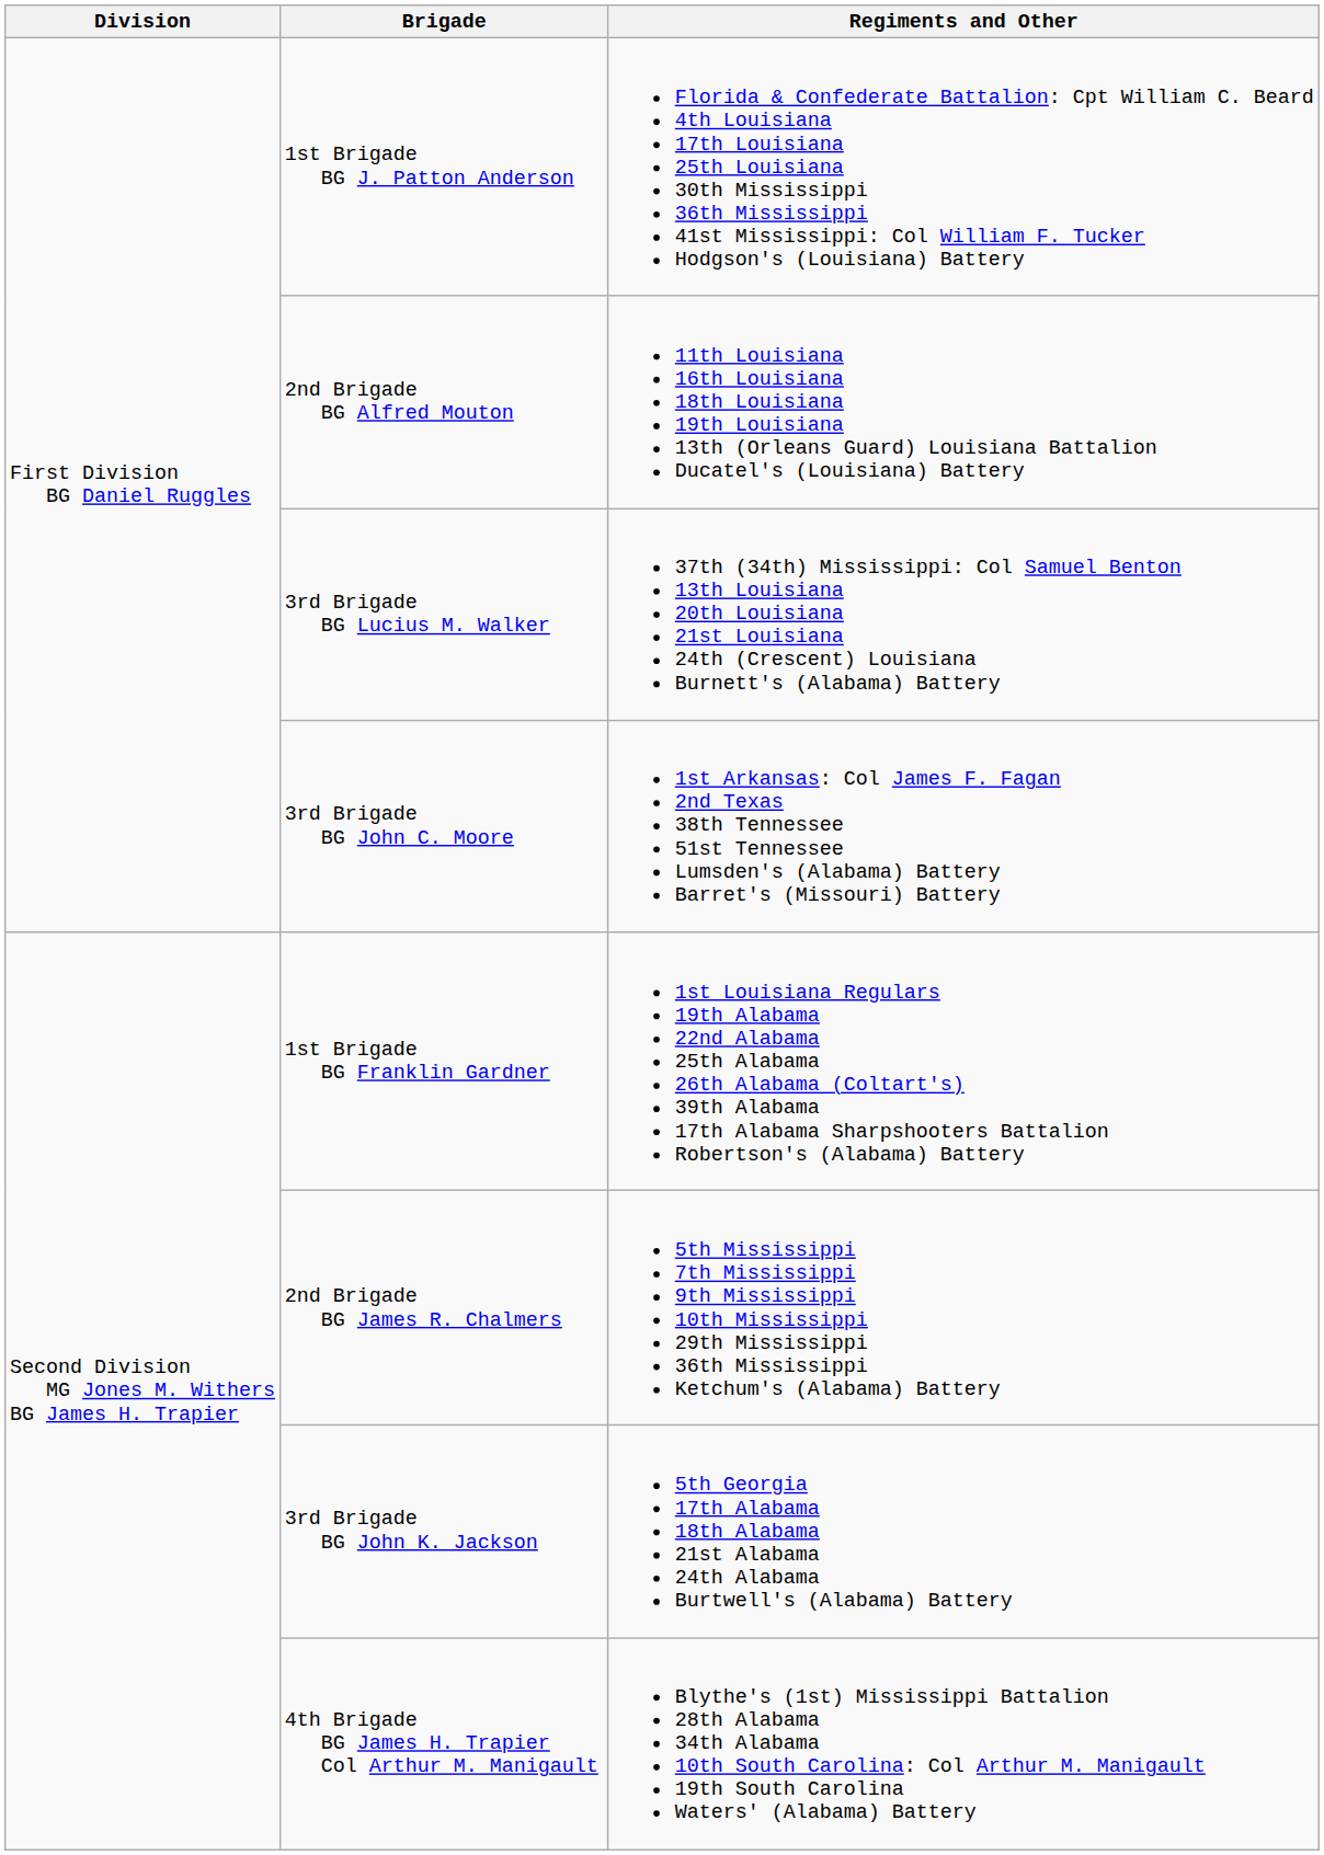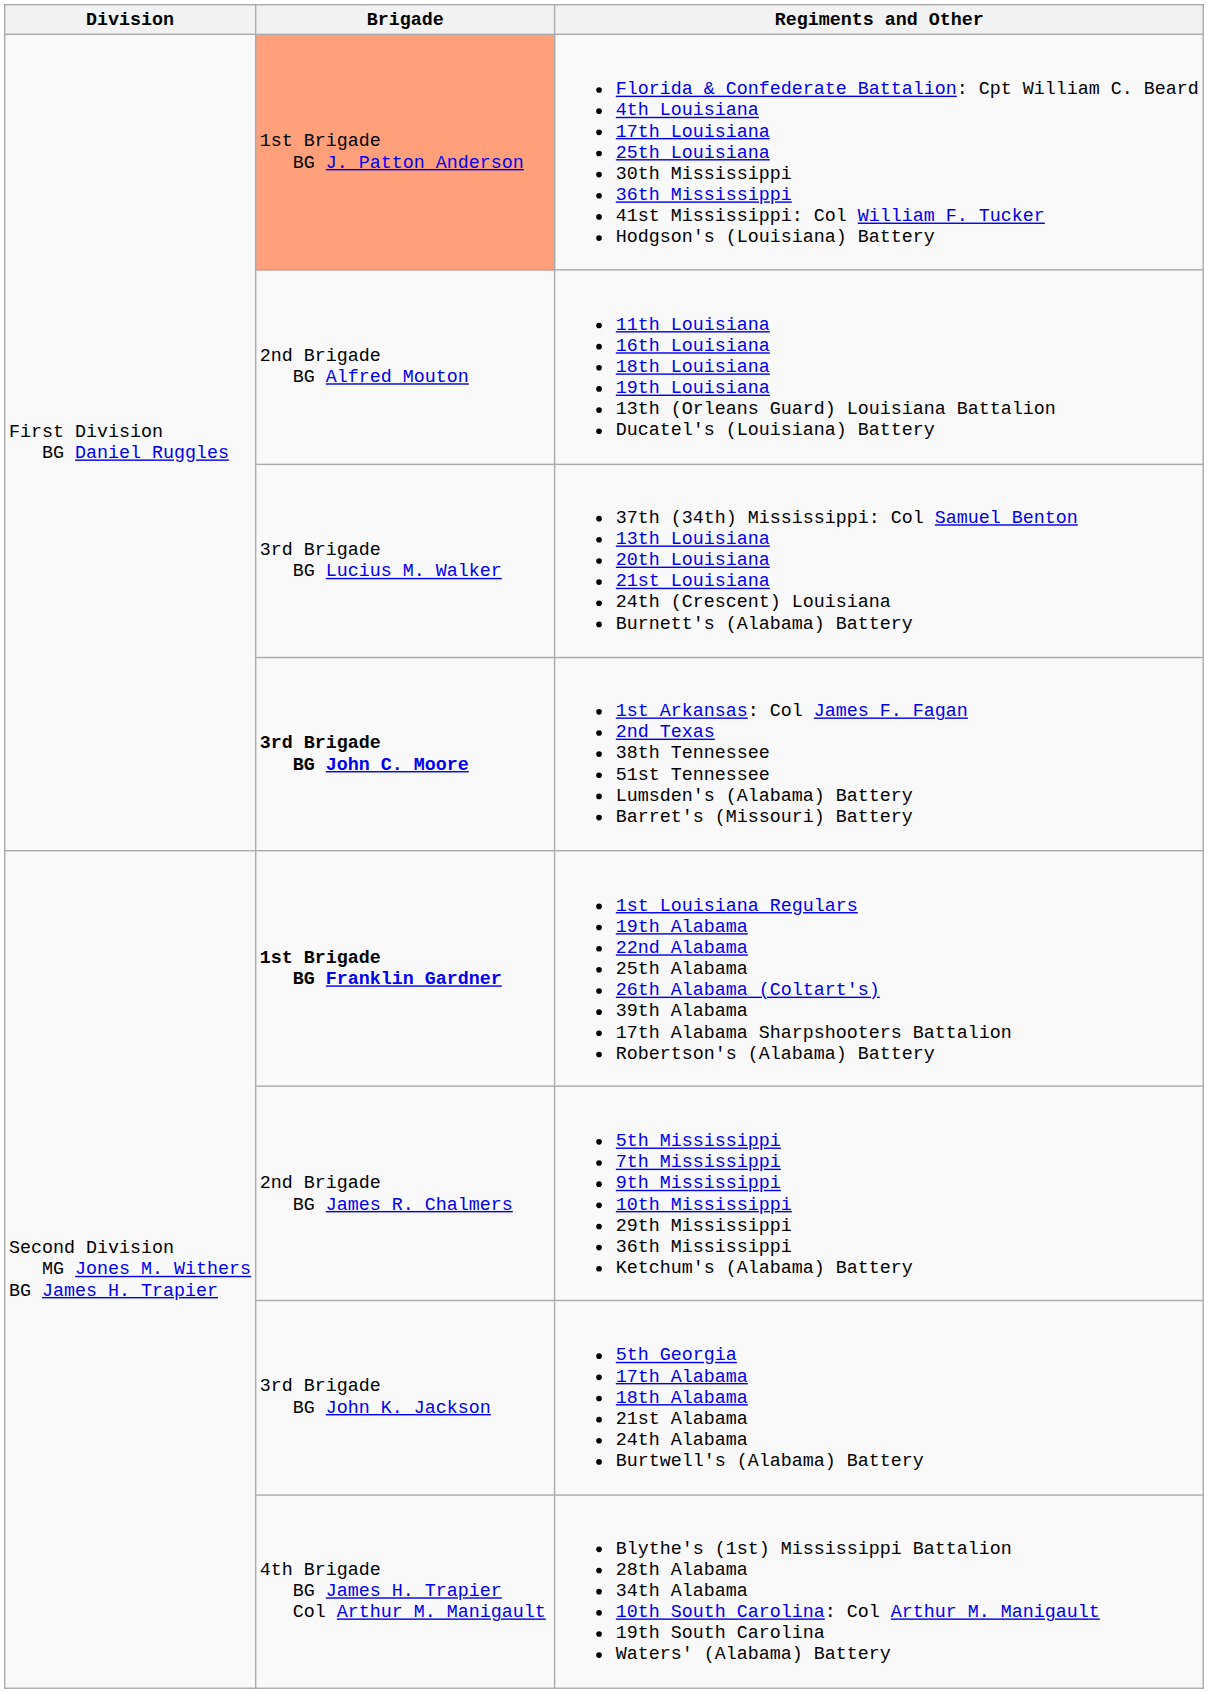 <table class="wikitable">
 <tr>
 <th>Division</th>
 <th width=25%>Brigade</th>
 <th>Regiments and Other</th>
 </tr>
 <tr>
 <td rowspan="4">First Division<br>   BG <a href='#'>Daniel Ruggles</a></td>
-<td>1st Brigade<br>   BG <a href='#'>J. Patton Anderson</a></td>
+<td style="background: lightsalmon;">1st Brigade<br>   BG <a href='#'>J. Patton Anderson</a></td>
 <td><br><ul><li><a href='#'>Florida & Confederate Battalion</a>: Cpt William C. Beard</li><li><a href='#'>4th Louisiana</a></li><li><a href='#'>17th Louisiana</a></li><li><a href='#'>25th Louisiana</a></li><li>30th Mississippi</li><li><a href='#'>36th Mississippi</a></li><li>41st Mississippi: Col <a href='#'>William F. Tucker</a></li><li>Hodgson's (Louisiana) Battery</li></ul></td>
 </tr>
 <tr>
 <td>2nd Brigade<br>   BG <a href='#'>Alfred Mouton</a></td>
 <td><br><ul><li><a href='#'>11th Louisiana</a></li><li><a href='#'>16th Louisiana</a></li><li><a href='#'>18th Louisiana</a></li><li><a href='#'>19th Louisiana</a></li><li>13th (Orleans Guard) Louisiana Battalion</li><li>Ducatel's (Louisiana) Battery</li></ul></td>
 </tr>
 <tr>
 <td>3rd Brigade<br>   BG <a href='#'>Lucius M. Walker</a></td>
 <td><br><ul><li>37th (34th) Mississippi: Col <a href='#'>Samuel Benton</a></li><li><a href='#'>13th Louisiana</a></li><li><a href='#'>20th Louisiana</a></li><li><a href='#'>21st Louisiana</a></li><li>24th (Crescent) Louisiana</li><li>Burnett's (Alabama) Battery</li></ul></td>
 </tr>
 <tr>
-<td>3rd Brigade<br>   BG <a href='#'>John C. Moore</a></td>
+<td><strong>3rd Brigade<br>   BG <a href='#'>John C. Moore</a></strong></td>
 <td><br><ul><li><a href='#'>1st Arkansas</a>: Col <a href='#'>James F. Fagan</a></li><li><a href='#'>2nd Texas</a></li><li>38th Tennessee</li><li>51st Tennessee</li><li>Lumsden's (Alabama) Battery</li><li>Barret's (Missouri) Battery</li></ul></td>
 </tr>
 <tr>
 <td rowspan="4">Second Division<br>   MG <a href='#'>Jones M. Withers</a><br>BG <a href='#'>James H. Trapier</a></td>
-<td>1st Brigade<br>   BG <a href='#'>Franklin Gardner</a></td>
+<td><strong>1st Brigade<br>   BG <a href='#'>Franklin Gardner</a></strong></td>
 <td><br><ul><li><a href='#'>1st Louisiana Regulars</a></li><li><a href='#'>19th Alabama</a></li><li><a href='#'>22nd Alabama</a></li><li>25th Alabama</li><li><a href='#'>26th Alabama (Coltart's)</a></li><li>39th Alabama</li><li>17th Alabama Sharpshooters Battalion</li><li>Robertson's (Alabama) Battery</li></ul></td>
 </tr>
 <tr>
 <td>2nd Brigade<br>   BG <a href='#'>James R. Chalmers</a></td>
 <td><br><ul><li><a href='#'>5th Mississippi</a></li><li><a href='#'>7th Mississippi</a></li><li><a href='#'>9th Mississippi</a></li><li><a href='#'>10th Mississippi</a></li><li>29th Mississippi</li><li>36th Mississippi</li><li>Ketchum's (Alabama) Battery</li></ul></td>
 </tr>
 <tr>
 <td>3rd Brigade<br>   BG <a href='#'>John K. Jackson</a></td>
 <td><br><ul><li><a href='#'>5th Georgia</a></li><li><a href='#'>17th Alabama</a></li><li><a href='#'>18th Alabama</a></li><li>21st Alabama</li><li>24th Alabama</li><li>Burtwell's (Alabama) Battery</li></ul></td>
 </tr>
 <tr>
 <td>4th Brigade<br>   BG <a href='#'>James H. Trapier</a> <br>   Col <a href='#'>Arthur M. Manigault</a></td>
 <td><br><ul><li>Blythe's (1st) Mississippi Battalion</li><li>28th Alabama</li><li>34th Alabama</li><li><a href='#'>10th South Carolina</a>: Col <a href='#'>Arthur M. Manigault</a></li><li>19th South Carolina</li><li>Waters' (Alabama) Battery</li></ul></td>
 </tr>
 </table>
